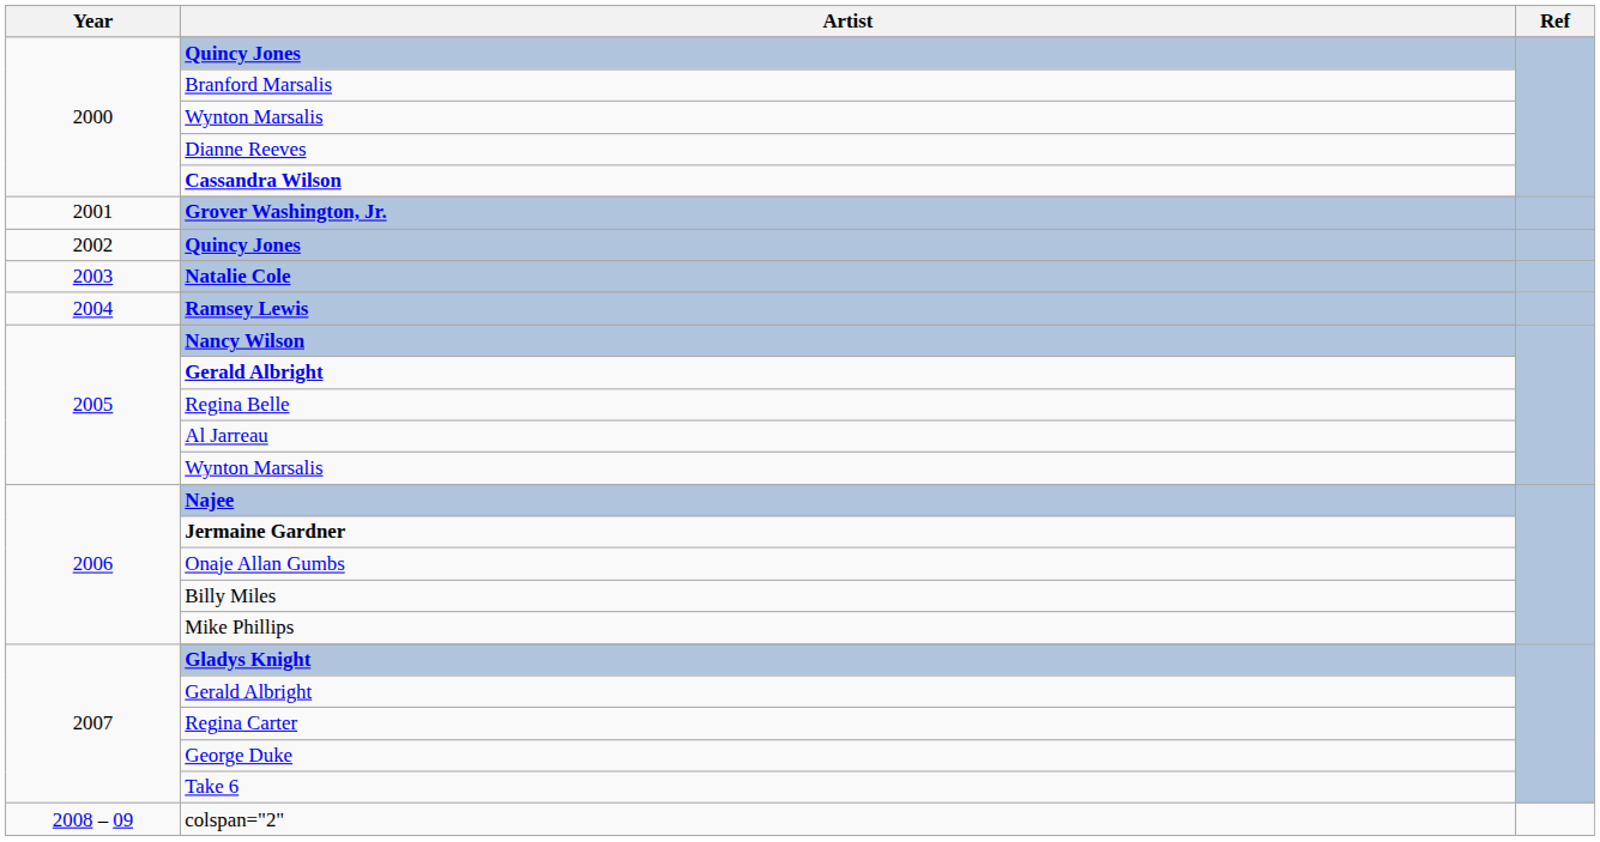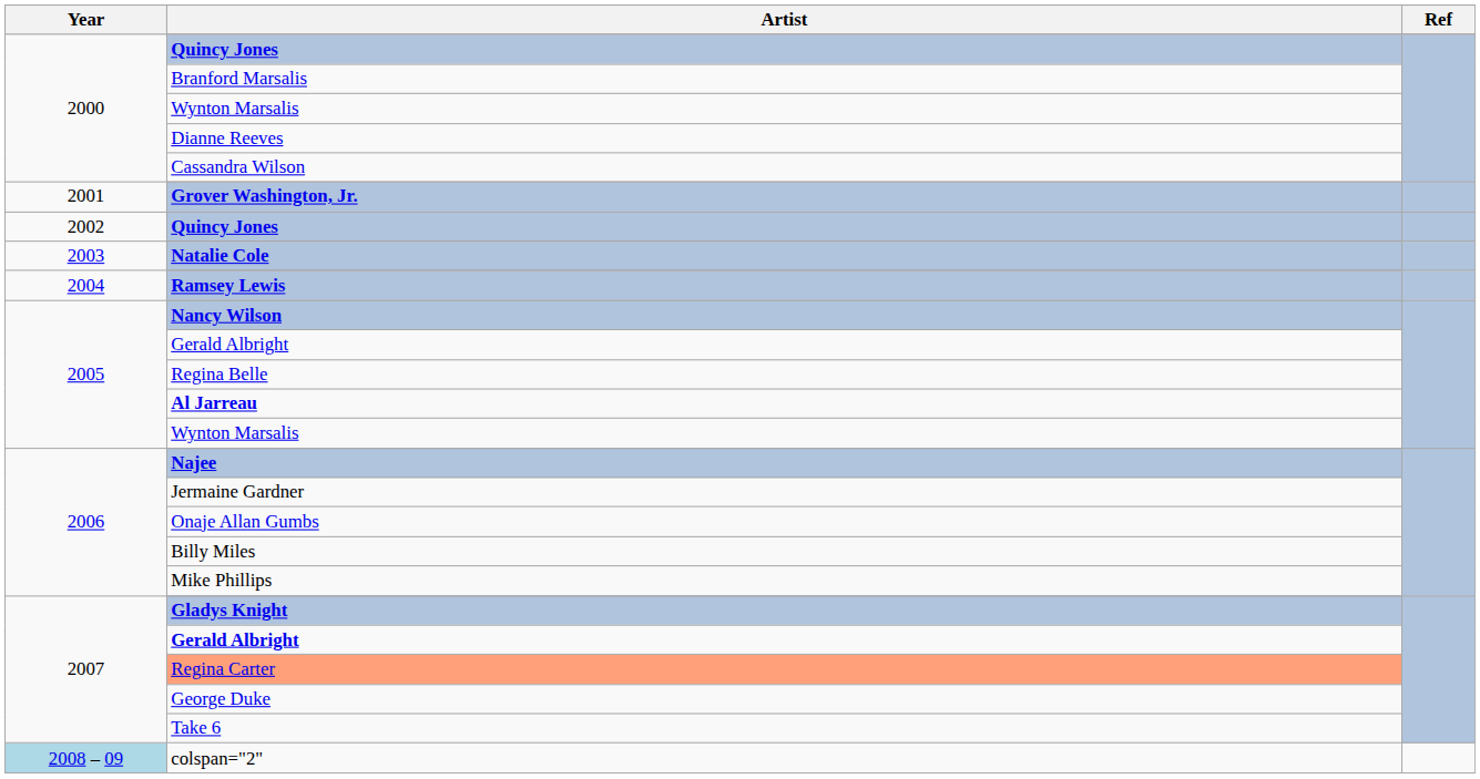 <table class="wikitable" style="width:100%;">
 <tr style="background:#bebebe;">
 <th style="width:11%;">Year</th>
 <th style="width:84%;">Artist</th>
 <th style="width:5%;">Ref</th>
 </tr>
 <tr>
 <td rowspan="6" align="center">2000</td>
 </tr>
 <tr style="background:#B0C4DE">
 <td><strong><a href='#'>Quincy Jones</a></strong></td>
 <td rowspan="6" align="center"></td>
 </tr>
 <tr>
 <td><a href='#'>Branford Marsalis</a></td>
 </tr>
 <tr>
 <td><a href='#'>Wynton Marsalis</a></td>
 </tr>
 <tr>
 <td><a href='#'>Dianne Reeves</a></td>
 </tr>
 <tr>
-<td><strong><a href='#'>Cassandra Wilson</a></strong></td>
+<td><a href='#'>Cassandra Wilson</a></td>
 </tr>
 <tr>
 <td rowspan="2" align="center">2001</td>
 </tr>
 <tr style="background:#B0C4DE">
 <td><strong><a href='#'>Grover Washington, Jr.</a></strong></td>
 <td rowspan="2" align="center"></td>
 </tr>
 <tr>
 <td rowspan="2" align="center">2002</td>
 </tr>
 <tr style="background:#B0C4DE">
 <td><strong><a href='#'>Quincy Jones</a></strong></td>
 <td rowspan="2" align="center"></td>
 </tr>
 <tr>
 <td rowspan="2" align="center"><a href='#'>2003</a></td>
 </tr>
 <tr style="background:#B0C4DE">
 <td><strong><a href='#'>Natalie Cole</a></strong></td>
 <td rowspan="2" align="center"></td>
 </tr>
 <tr>
 <td rowspan="2" align="center"><a href='#'>2004</a></td>
 </tr>
 <tr style="background:#B0C4DE">
 <td><strong><a href='#'>Ramsey Lewis</a></strong></td>
 <td rowspan="2" align="center"></td>
 </tr>
 <tr>
 <td rowspan="6" align="center"><a href='#'>2005</a></td>
 </tr>
 <tr style="background:#B0C4DE">
 <td><strong><a href='#'>Nancy Wilson</a></strong></td>
 <td rowspan="6" align="center"></td>
 </tr>
 <tr>
-<td><strong><a href='#'>Gerald Albright</a></strong></td>
+<td><a href='#'>Gerald Albright</a></td>
 </tr>
 <tr>
 <td><a href='#'>Regina Belle</a></td>
 </tr>
 <tr>
-<td><a href='#'>Al Jarreau</a></td>
+<td><strong><a href='#'>Al Jarreau</a></strong></td>
 </tr>
 <tr>
 <td><a href='#'>Wynton Marsalis</a></td>
 </tr>
 <tr>
 <td rowspan="6" align="center"><a href='#'>2006</a></td>
 </tr>
 <tr style="background:#B0C4DE">
 <td><strong><a href='#'>Najee</a></strong></td>
 <td rowspan="6" align="center"></td>
 </tr>
 <tr>
-<td><strong>Jermaine Gardner</strong></td>
+<td>Jermaine Gardner</td>
 </tr>
 <tr>
 <td><a href='#'>Onaje Allan Gumbs</a></td>
 </tr>
 <tr>
 <td>Billy Miles</td>
 </tr>
 <tr>
 <td>Mike Phillips</td>
 </tr>
 <tr>
 <td rowspan="6" align="center">2007</td>
 </tr>
 <tr style="background:#B0C4DE">
 <td><strong><a href='#'>Gladys Knight</a></strong></td>
 <td rowspan="5" align="center"></td>
 </tr>
 <tr>
-<td><a href='#'>Gerald Albright</a></td>
+<td><strong><a href='#'>Gerald Albright</a></strong></td>
 </tr>
 <tr>
-<td><a href='#'>Regina Carter</a></td>
+<td style="background: lightsalmon;"><a href='#'>Regina Carter</a></td>
 </tr>
 <tr>
 <td><a href='#'>George Duke</a></td>
 </tr>
 <tr>
 <td><a href='#'>Take 6</a></td>
 </tr>
 <tr>
-<td align="center"><a href='#'>2008</a> – <a href='#'>09</a></td>
+<td align="center" style="background: lightblue;"><a href='#'>2008</a> – <a href='#'>09</a></td>
 <td>colspan="2" </td>
 </tr>
 </table>
